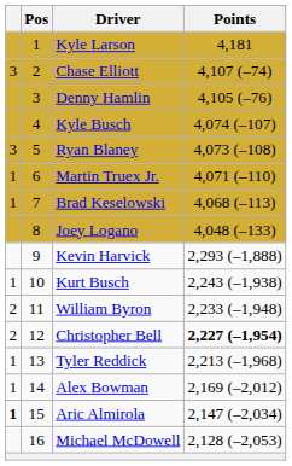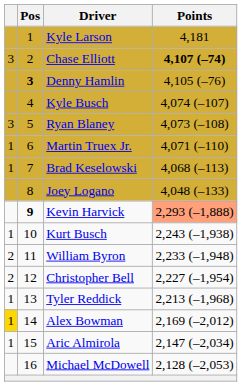 <table class="wikitable" style="font-size: 95%">
 <tr>
 <th></th>
 <th>Pos</th>
 <th>Driver</th>
 <th>Points</th>
 </tr>
 <tr style="background:#D4AF37;">
 <td align="left"></td>
 <td style="text-align:center;">1</td>
 <td><a href='#'>Kyle Larson</a></td>
 <td style="text-align:center;">4,181</td>
 </tr>
 <tr style="background:#D4AF37;">
 <td align="left"> 3</td>
 <td style="text-align:center;">2</td>
 <td><a href='#'>Chase Elliott</a></td>
-<td style="text-align:center;">4,107 (–74)</td>
+<td style="text-align:center;"><strong>4,107 (–74)</strong></td>
 </tr>
 <tr style="background:#D4AF37;">
 <td align="left"></td>
-<td style="text-align:center;">3</td>
+<td style="text-align:center;"><strong>3</strong></td>
 <td><a href='#'>Denny Hamlin</a></td>
 <td style="text-align:center;">4,105 (–76)</td>
 </tr>
 <tr style="background:#D4AF37;">
 <td align="left"></td>
 <td style="text-align:center;">4</td>
 <td><a href='#'>Kyle Busch</a></td>
 <td style="text-align:center;">4,074 (–107)</td>
 </tr>
 <tr style="background:#D4AF37;">
 <td align="left"> 3</td>
 <td style="text-align:center;">5</td>
 <td><a href='#'>Ryan Blaney</a></td>
 <td style="text-align:center;">4,073 (–108)</td>
 </tr>
 <tr style="background:#D4AF37;">
 <td align="left"> 1</td>
 <td style="text-align:center;">6</td>
 <td><a href='#'>Martin Truex Jr.</a></td>
 <td style="text-align:center;">4,071 (–110)</td>
 </tr>
 <tr style="background:#D4AF37;">
 <td align="left"> 1</td>
 <td style="text-align:center;">7</td>
 <td><a href='#'>Brad Keselowski</a></td>
 <td style="text-align:center;">4,068 (–113)</td>
 </tr>
 <tr style="background:#D4AF37;">
 <td align="left"></td>
 <td style="text-align:center;">8</td>
 <td><a href='#'>Joey Logano</a></td>
 <td style="text-align:center;">4,048 (–133)</td>
 </tr>
 <tr>
 <td align="left"></td>
-<td style="text-align:center;">9</td>
+<td style="text-align:center;"><strong>9</strong></td>
 <td><a href='#'>Kevin Harvick</a></td>
-<td style="text-align:center;">2,293 (–1,888)</td>
+<td style="background: lightsalmon; text-align:center;">2,293 (–1,888)</td>
 </tr>
 <tr>
 <td align="left"> 1</td>
 <td style="text-align:center;">10</td>
 <td><a href='#'>Kurt Busch</a></td>
 <td style="text-align:center;">2,243 (–1,938)</td>
 </tr>
 <tr>
 <td align="left"> 2</td>
 <td style="text-align:center;">11</td>
 <td><a href='#'>William Byron</a></td>
 <td style="text-align:center;">2,233 (–1,948)</td>
 </tr>
 <tr>
 <td align="left"> 2</td>
 <td style="text-align:center;">12</td>
 <td><a href='#'>Christopher Bell</a></td>
-<td style="text-align:center;"><strong>2,227 (–1,954)</strong></td>
+<td style="text-align:center;">2,227 (–1,954)</td>
 </tr>
 <tr>
 <td align="left"> 1</td>
 <td style="text-align:center;">13</td>
 <td><a href='#'>Tyler Reddick</a></td>
 <td style="text-align:center;">2,213 (–1,968)</td>
 </tr>
 <tr>
-<td align="left"> 1</td>
+<td align="left" style="background: gold;"> 1</td>
 <td style="text-align:center;">14</td>
 <td><a href='#'>Alex Bowman</a></td>
 <td style="text-align:center;">2,169 (–2,012)</td>
 </tr>
 <tr>
-<td align="left"><strong> 1</strong></td>
+<td align="left"> 1</td>
 <td style="text-align:center;">15</td>
 <td><a href='#'>Aric Almirola</a></td>
 <td style="text-align:center;">2,147 (–2,034)</td>
 </tr>
 <tr>
 <td align="left"></td>
 <td style="text-align:center;">16</td>
 <td><a href='#'>Michael McDowell</a></td>
 <td style="text-align:center;">2,128 (–2,053)</td>
 </tr>
 <tr class="sortbottom">
 <th colspan="9"></th>
 </tr>
 </table>
